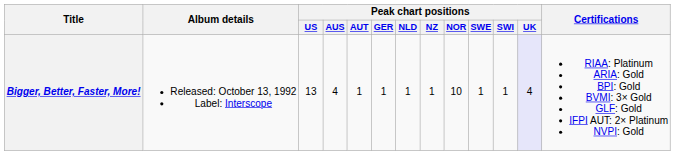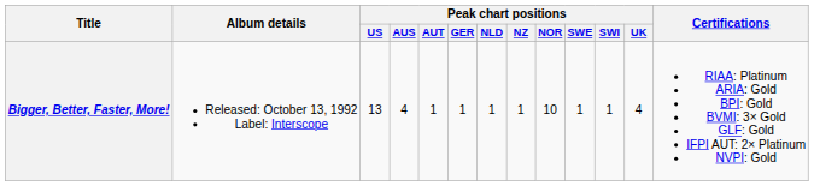 <table class="wikitable plainrowheaders" style="text-align:center;">
 <tr>
 <th scope="col" rowspan="2">Title</th>
 <th scope="col" rowspan="2">Album details</th>
 <th scope="col" colspan="10">Peak chart positions</th>
 <th scope="col" rowspan="2"><a href='#'>Certifications</a></th>
 </tr>
 <tr>
 <th scope="col" style="width:2.2em;font-size:90%;"><a href='#'>US</a><br></th>
 <th scope="col" style="width:2.2em;font-size:90%;"><a href='#'>AUS</a><br></th>
 <th scope="col" style="width:2.2em;font-size:90%;"><a href='#'>AUT</a><br></th>
 <th scope="col" style="width:2.2em;font-size:90%;"><a href='#'>GER</a><br></th>
 <th scope="col" style="width:2.2em;font-size:90%;"><a href='#'>NLD</a><br></th>
 <th scope="col" style="width:2.2em;font-size:90%;"><a href='#'>NZ</a><br></th>
 <th scope="col" style="width:2.2em;font-size:90%;"><a href='#'>NOR</a><br></th>
 <th scope="col" style="width:2.2em;font-size:90%;"><a href='#'>SWE</a><br></th>
 <th scope="col" style="width:2.2em;font-size:90%;"><a href='#'>SWI</a><br></th>
 <th scope="col" style="width:2.2em;font-size:90%;"><a href='#'>UK</a><br></th>
 </tr>
 <tr>
 <th scope="row"><em><a href='#'>Bigger, Better, Faster, More!</a></em></th>
 <td><br><ul><li>Released: October 13, 1992</li><li>Label: <a href='#'>Interscope</a></li></ul></td>
 <td>13</td>
 <td>4</td>
 <td>1</td>
 <td>1</td>
 <td>1</td>
 <td>1</td>
 <td>10</td>
 <td>1</td>
 <td>1</td>
-<td style="background: lavender;">4</td>
+<td>4</td>
 <td><br><ul><li><a href='#'>RIAA</a>: Platinum</li><li><a href='#'>ARIA</a>: Gold</li><li><a href='#'>BPI</a>: Gold</li><li><a href='#'>BVMI</a>: 3× Gold</li><li><a href='#'>GLF</a>: Gold</li><li><a href='#'>IFPI</a> AUT: 2× Platinum</li><li><a href='#'>NVPI</a>: Gold</li></ul></td>
 </tr>
 </table>
